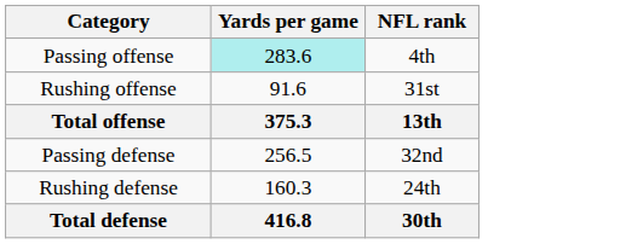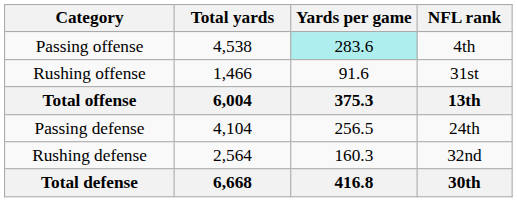 <table class="wikitable" style="text-align:center">
 <tr>
 <th width="150">Category</th>
+<th width="100">Total yards</th>
 <th width="110">Yards per game</th>
 <th width="80">NFL rank<br></th>
 </tr>
 <tr>
 <td>Passing offense</td>
+<td>4,538</td>
 <td style="background: paleturquoise;">283.6</td>
 <td>4th</td>
 </tr>
 <tr>
 <td>Rushing offense</td>
+<td>1,466</td>
 <td>91.6</td>
 <td>31st</td>
 </tr>
 <tr>
 <th>Total offense</th>
+<th>6,004</th>
 <th>375.3</th>
 <th>13th</th>
 </tr>
 <tr>
 <td>Passing defense</td>
+<td>4,104</td>
 <td>256.5</td>
+<td>24th</td>
+</tr>
+<tr>
+<td>Rushing defense</td>
+<td>2,564</td>
+<td>160.3</td>
 <td>32nd</td>
 </tr>
 <tr>
-<td>Rushing defense</td>
-<td>160.3</td>
-<td>24th</td>
-</tr>
-<tr>
 <th>Total defense</th>
+<th>6,668</th>
 <th>416.8</th>
 <th>30th</th>
 </tr>
 </table>
